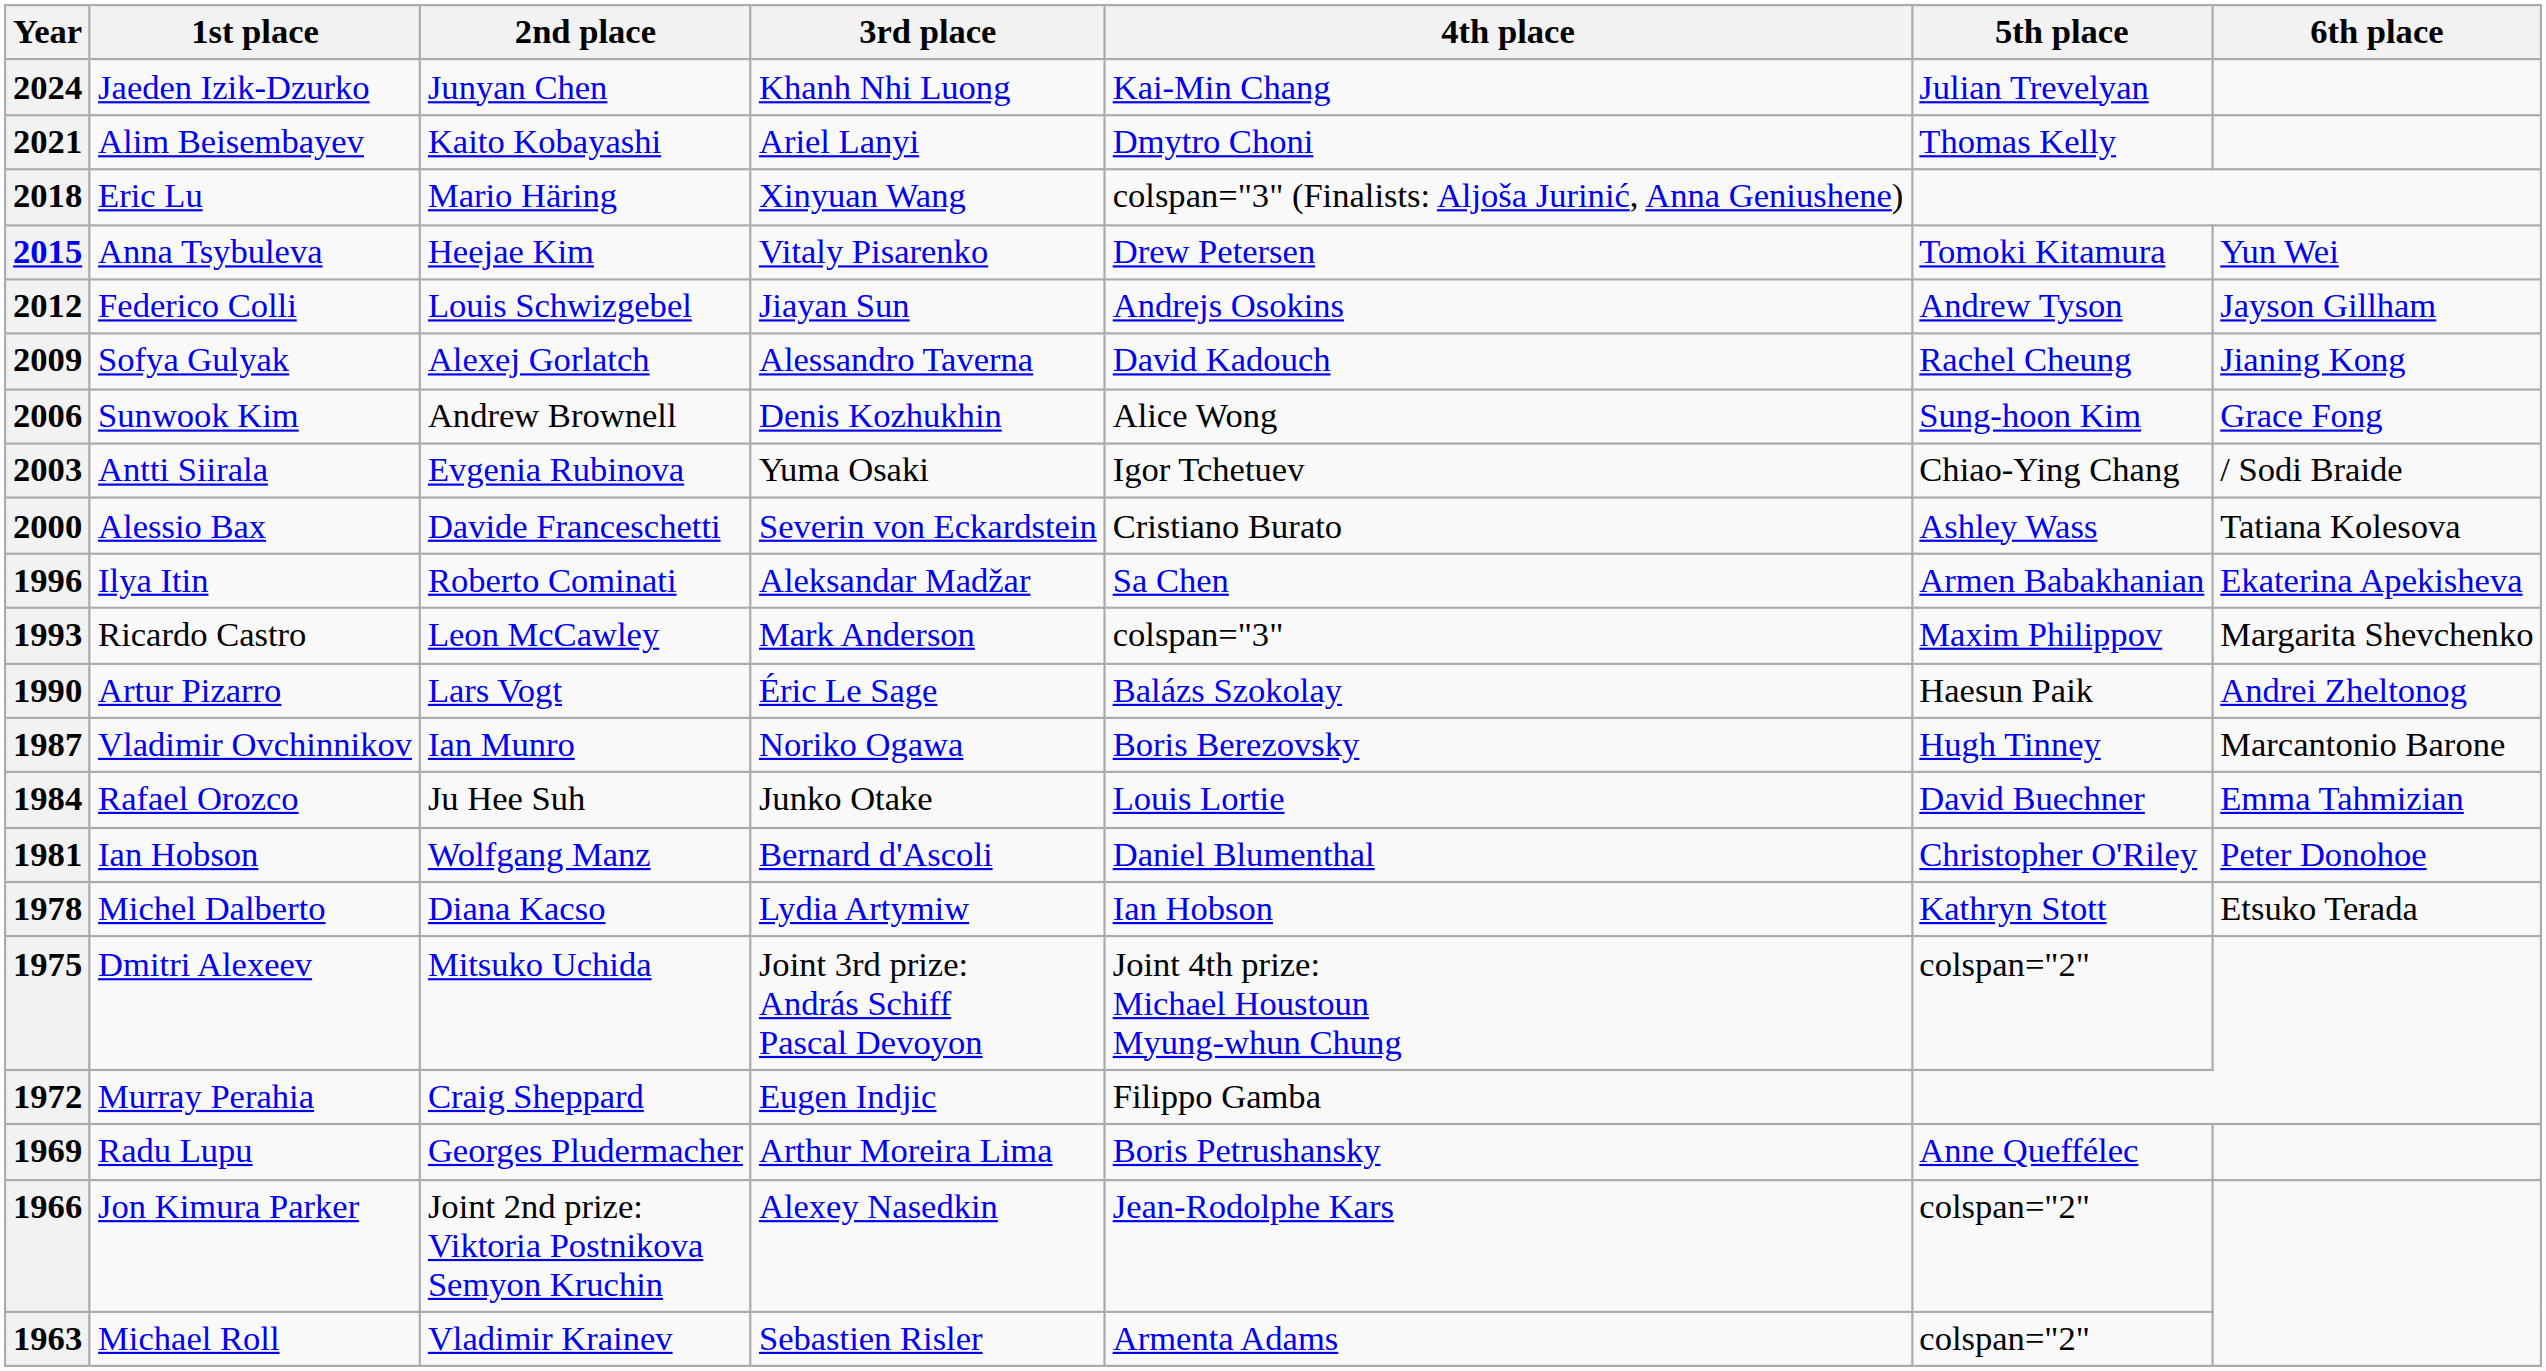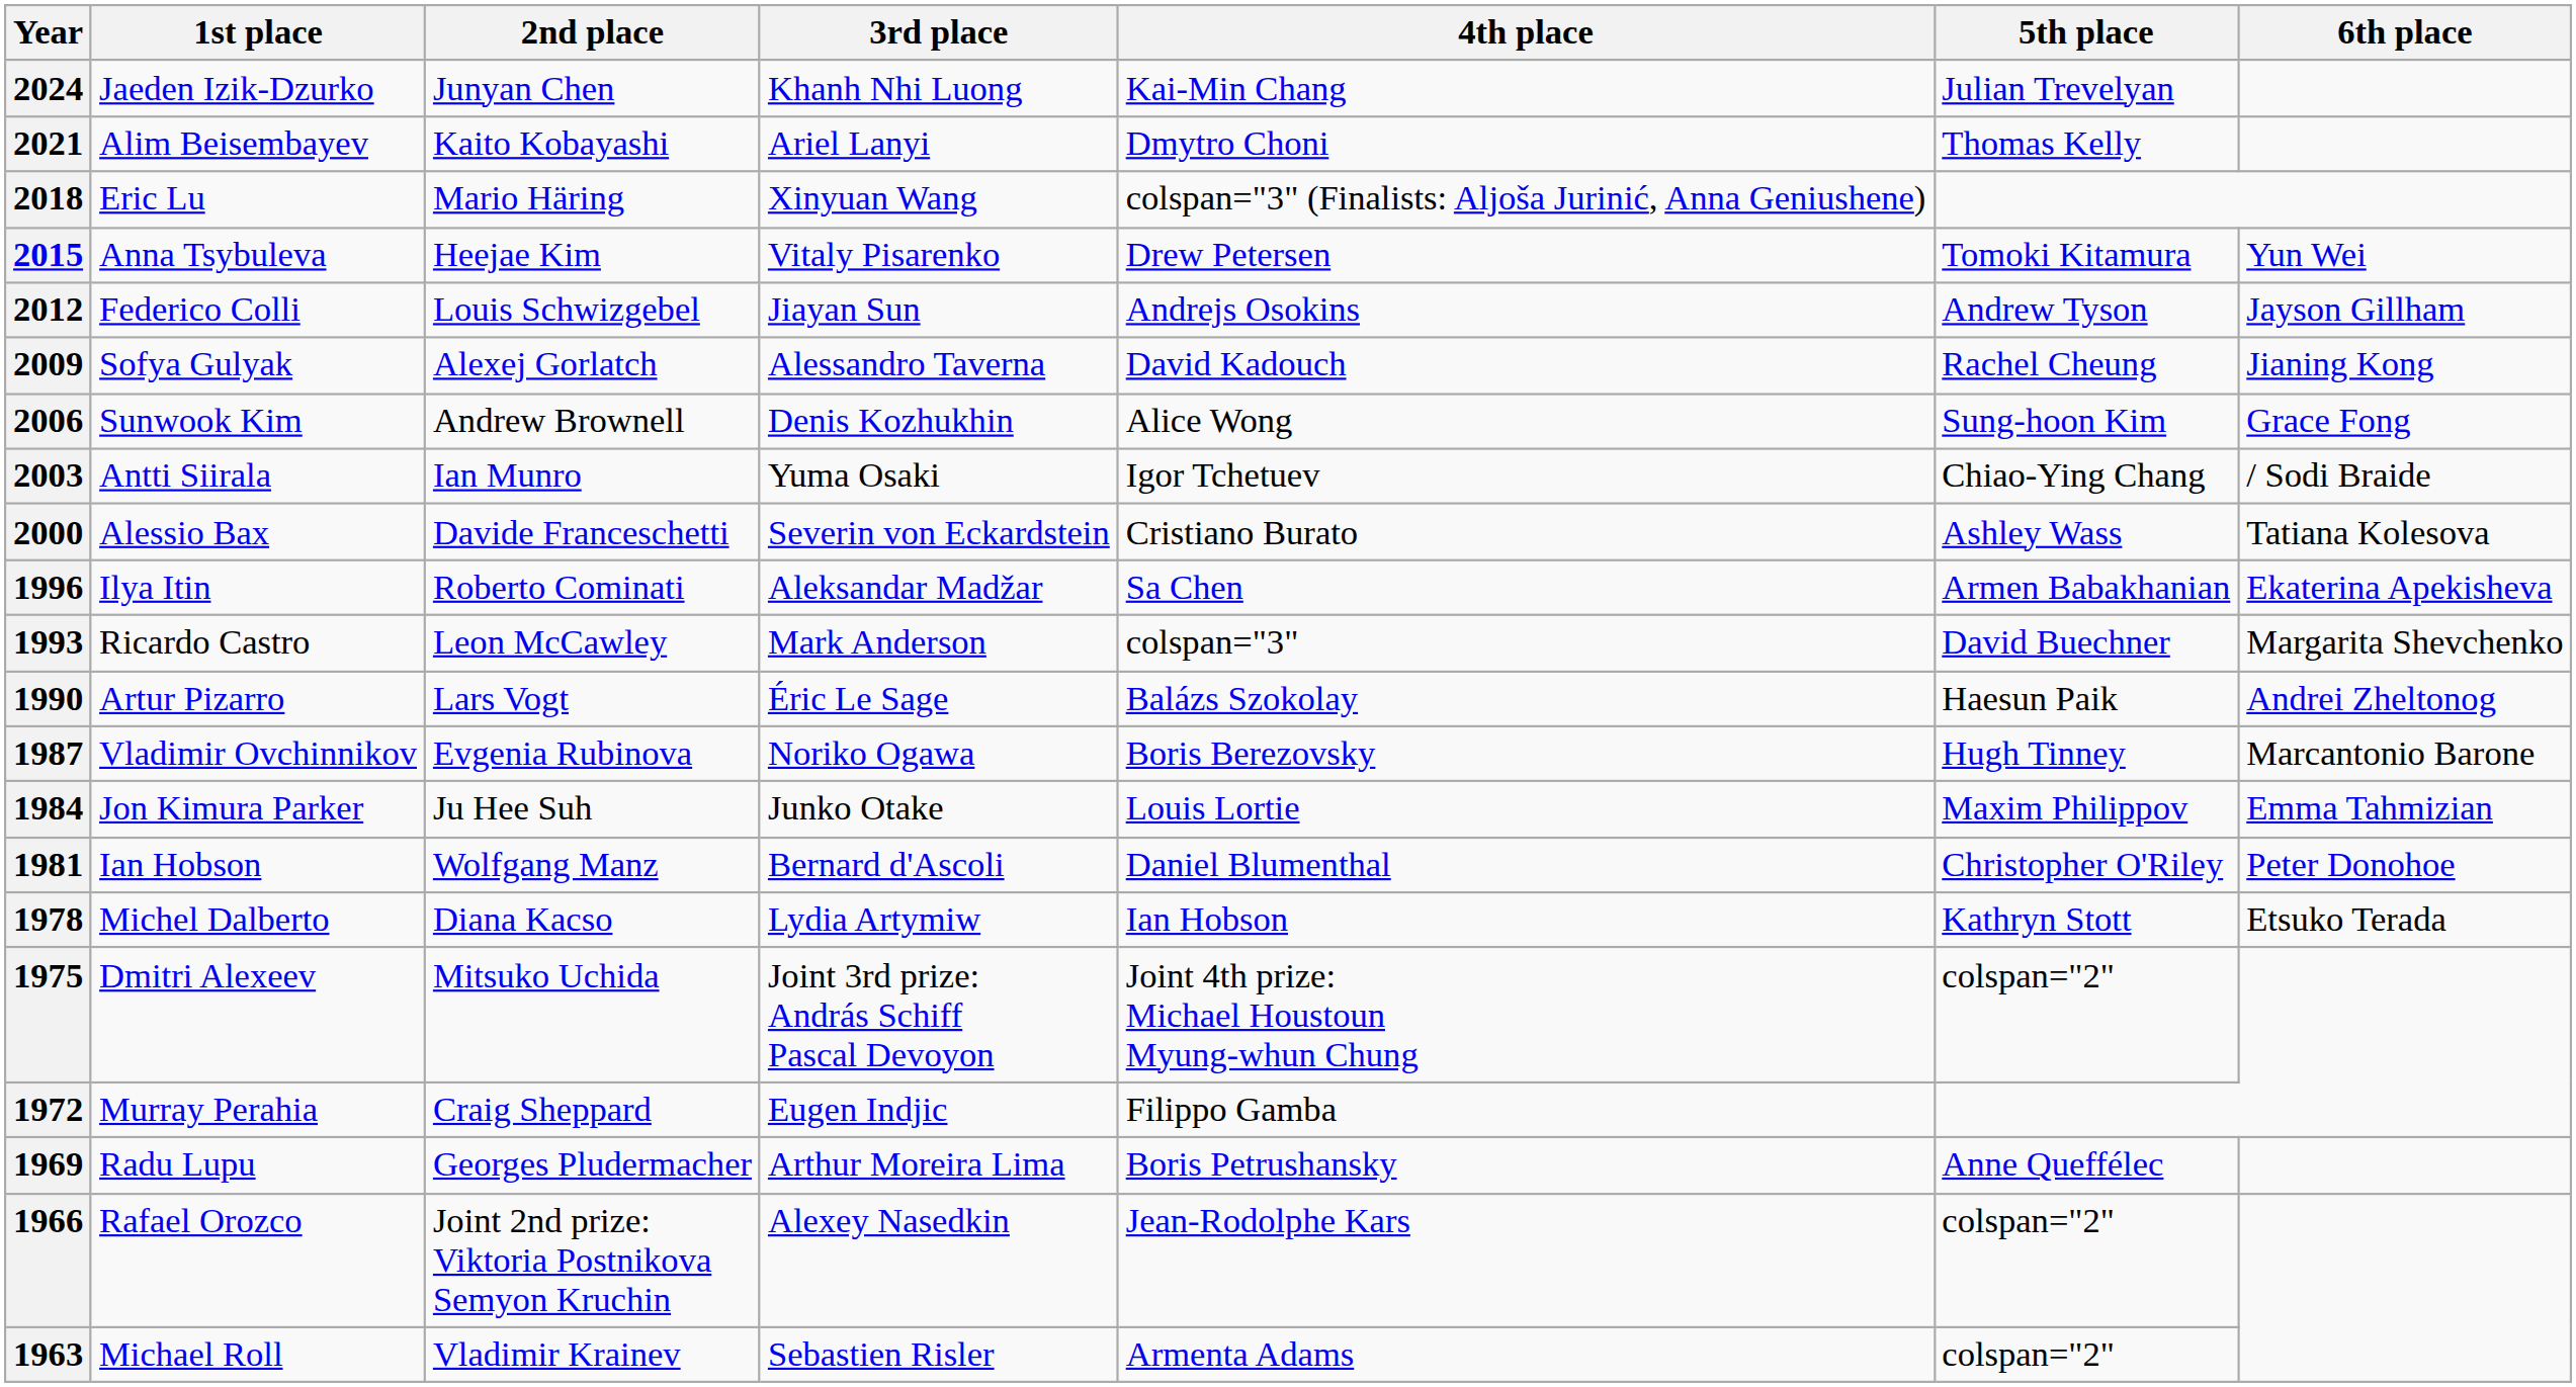 <table class="wikitable">
 <tr>
 <th>Year</th>
 <th>1st place</th>
 <th>2nd place</th>
 <th>3rd place</th>
 <th>4th place</th>
 <th>5th place</th>
 <th>6th place</th>
 </tr>
 <tr valign="top">
 <th>2024</th>
 <td> <a href='#'>Jaeden Izik-Dzurko</a></td>
 <td> <a href='#'>Junyan Chen</a></td>
 <td> <a href='#'>Khanh Nhi Luong</a></td>
 <td> <a href='#'>Kai-Min Chang</a></td>
 <td> <a href='#'>Julian Trevelyan</a></td>
 <td></td>
 </tr>
 <tr valign="top">
 <th>2021</th>
 <td> <a href='#'>Alim Beisembayev</a></td>
 <td> <a href='#'>Kaito Kobayashi</a></td>
 <td> <a href='#'>Ariel Lanyi</a></td>
 <td> <a href='#'>Dmytro Choni</a></td>
 <td> <a href='#'>Thomas Kelly</a></td>
 <td></td>
 </tr>
 <tr valign="top">
 <th>2018</th>
 <td> <a href='#'>Eric Lu</a></td>
 <td> <a href='#'>Mario Häring</a></td>
 <td> <a href='#'>Xinyuan Wang</a></td>
 <td>colspan="3"  (Finalists:  <a href='#'>Aljoša Jurinić</a>,  <a href='#'>Anna Geniushene</a>)</td>
 </tr>
 <tr valign="top">
 <th><a href='#'>2015</a></th>
 <td> <a href='#'>Anna Tsybuleva</a></td>
 <td> <a href='#'>Heejae Kim</a></td>
 <td> <a href='#'>Vitaly Pisarenko</a></td>
 <td> <a href='#'>Drew Petersen</a></td>
 <td> <a href='#'>Tomoki Kitamura</a></td>
 <td> <a href='#'>Yun Wei</a></td>
 </tr>
 <tr valign="top">
 <th>2012</th>
 <td> <a href='#'>Federico Colli</a></td>
 <td> <a href='#'>Louis Schwizgebel</a></td>
 <td> <a href='#'>Jiayan Sun</a></td>
 <td> <a href='#'>Andrejs Osokins</a></td>
 <td> <a href='#'>Andrew Tyson</a></td>
 <td> <a href='#'>Jayson Gillham</a></td>
 </tr>
 <tr valign="top">
 <th>2009</th>
 <td> <a href='#'>Sofya Gulyak</a></td>
 <td> <a href='#'>Alexej Gorlatch</a></td>
 <td> <a href='#'>Alessandro Taverna</a></td>
 <td> <a href='#'>David Kadouch</a></td>
 <td> <a href='#'>Rachel Cheung</a></td>
 <td> <a href='#'>Jianing Kong</a></td>
 </tr>
 <tr valign="top">
 <th>2006</th>
 <td> <a href='#'>Sunwook Kim</a></td>
 <td> Andrew Brownell</td>
 <td> <a href='#'>Denis Kozhukhin</a></td>
 <td> Alice Wong</td>
 <td> <a href='#'>Sung-hoon Kim</a></td>
 <td> <a href='#'>Grace Fong</a></td>
 </tr>
 <tr valign="top">
 <th>2003</th>
 <td> <a href='#'>Antti Siirala</a></td>
-<td> <a href='#'>Evgenia Rubinova</a></td>
+<td> <a href='#'>Ian Munro</a></td>
 <td> Yuma Osaki</td>
 <td> Igor Tchetuev</td>
 <td> Chiao-Ying Chang</td>
 <td>/ Sodi Braide</td>
 </tr>
 <tr valign="top">
 <th>2000</th>
 <td> <a href='#'>Alessio Bax</a></td>
 <td> <a href='#'>Davide Franceschetti</a></td>
 <td> <a href='#'>Severin von Eckardstein</a></td>
 <td> Cristiano Burato</td>
 <td> <a href='#'>Ashley Wass</a></td>
 <td> Tatiana Kolesova</td>
 </tr>
 <tr valign="top">
 <th>1996</th>
 <td> <a href='#'>Ilya Itin</a></td>
 <td> <a href='#'>Roberto Cominati</a></td>
 <td> <a href='#'>Aleksandar Madžar</a></td>
 <td> <a href='#'>Sa Chen</a></td>
 <td> <a href='#'>Armen Babakhanian</a></td>
 <td> <a href='#'>Ekaterina Apekisheva</a></td>
 </tr>
 <tr valign="top">
 <th>1993</th>
 <td> Ricardo Castro</td>
 <td> <a href='#'>Leon McCawley</a></td>
 <td> <a href='#'>Mark Anderson</a></td>
 <td>colspan="3"  </td>
-<td> <a href='#'>Maxim Philippov</a></td>
+<td> <a href='#'>David Buechner</a></td>
 <td> Margarita Shevchenko</td>
 </tr>
 <tr valign="top">
 <th>1990</th>
 <td> <a href='#'>Artur Pizarro</a></td>
 <td> <a href='#'>Lars Vogt</a></td>
 <td> <a href='#'>Éric Le Sage</a></td>
 <td> <a href='#'>Balázs Szokolay</a></td>
 <td> Haesun Paik</td>
 <td> <a href='#'>Andrei Zheltonog</a></td>
 </tr>
 <tr valign="top">
 <th>1987</th>
 <td> <a href='#'>Vladimir Ovchinnikov</a></td>
-<td> <a href='#'>Ian Munro</a></td>
+<td> <a href='#'>Evgenia Rubinova</a></td>
 <td> <a href='#'>Noriko Ogawa</a></td>
 <td> <a href='#'>Boris Berezovsky</a></td>
 <td> <a href='#'>Hugh Tinney</a></td>
 <td> Marcantonio Barone</td>
 </tr>
 <tr valign="top">
 <th>1984</th>
-<td> <a href='#'>Rafael Orozco</a></td>
+<td> <a href='#'>Jon Kimura Parker</a></td>
 <td> Ju Hee Suh</td>
 <td> Junko Otake</td>
 <td> <a href='#'>Louis Lortie</a></td>
-<td> <a href='#'>David Buechner</a></td>
+<td> <a href='#'>Maxim Philippov</a></td>
 <td> <a href='#'>Emma Tahmizian</a></td>
 </tr>
 <tr valign="top">
 <th>1981</th>
 <td> <a href='#'>Ian Hobson</a></td>
 <td> <a href='#'>Wolfgang Manz</a></td>
 <td> <a href='#'>Bernard d'Ascoli</a></td>
 <td> <a href='#'>Daniel Blumenthal</a></td>
 <td> <a href='#'>Christopher O'Riley</a></td>
 <td> <a href='#'>Peter Donohoe</a></td>
 </tr>
 <tr valign="top">
 <th>1978</th>
 <td> <a href='#'>Michel Dalberto</a></td>
 <td> <a href='#'>Diana Kacso</a></td>
 <td> <a href='#'>Lydia Artymiw</a></td>
 <td> <a href='#'>Ian Hobson</a></td>
 <td> <a href='#'>Kathryn Stott</a></td>
 <td> Etsuko Terada</td>
 </tr>
 <tr valign="top">
 <th>1975</th>
 <td> <a href='#'>Dmitri Alexeev</a></td>
 <td> <a href='#'>Mitsuko Uchida</a></td>
 <td>Joint 3rd prize:<br> <a href='#'>András Schiff</a><br> <a href='#'>Pascal Devoyon</a></td>
 <td>Joint 4th prize:<br> <a href='#'>Michael Houstoun</a><br> <a href='#'>Myung-whun Chung</a></td>
 <td>colspan="2"  </td>
 </tr>
 <tr valign="top">
 <th>1972</th>
 <td> <a href='#'>Murray Perahia</a></td>
 <td> <a href='#'>Craig Sheppard</a></td>
 <td> <a href='#'>Eugen Indjic</a></td>
 <td> Filippo Gamba</td>
 </tr>
 <tr valign="top">
 <th>1969</th>
 <td> <a href='#'>Radu Lupu</a></td>
 <td> <a href='#'>Georges Pludermacher</a></td>
 <td> <a href='#'>Arthur Moreira Lima</a></td>
 <td> <a href='#'>Boris Petrushansky</a></td>
 <td> <a href='#'>Anne Queffélec</a></td>
 <td></td>
 </tr>
 <tr valign="top">
 <th>1966</th>
-<td> <a href='#'>Jon Kimura Parker</a></td>
+<td> <a href='#'>Rafael Orozco</a></td>
 <td>Joint 2nd prize:<br> <a href='#'>Viktoria Postnikova</a><br> <a href='#'>Semyon Kruchin</a></td>
 <td> <a href='#'>Alexey Nasedkin</a></td>
 <td> <a href='#'>Jean-Rodolphe Kars</a></td>
 <td>colspan="2" </td>
 </tr>
 <tr valign="top">
 <th>1963</th>
 <td> <a href='#'>Michael Roll</a></td>
 <td> <a href='#'>Vladimir Krainev</a></td>
 <td> <a href='#'>Sebastien Risler</a></td>
 <td> <a href='#'>Armenta Adams</a></td>
 <td>colspan="2" </td>
 </tr>
 </table>
